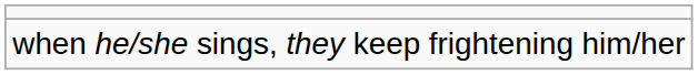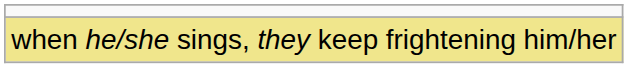 <table class="wikitable">
 <tr>
 <td></td>
 </tr>
 <tr>
-<td>when <em>he/she</em> sings, <em>they</em> keep frightening him/her</td>
+<td style="background: khaki;">when <em>he/she</em> sings, <em>they</em> keep frightening him/her</td>
 </tr>
 </table>
